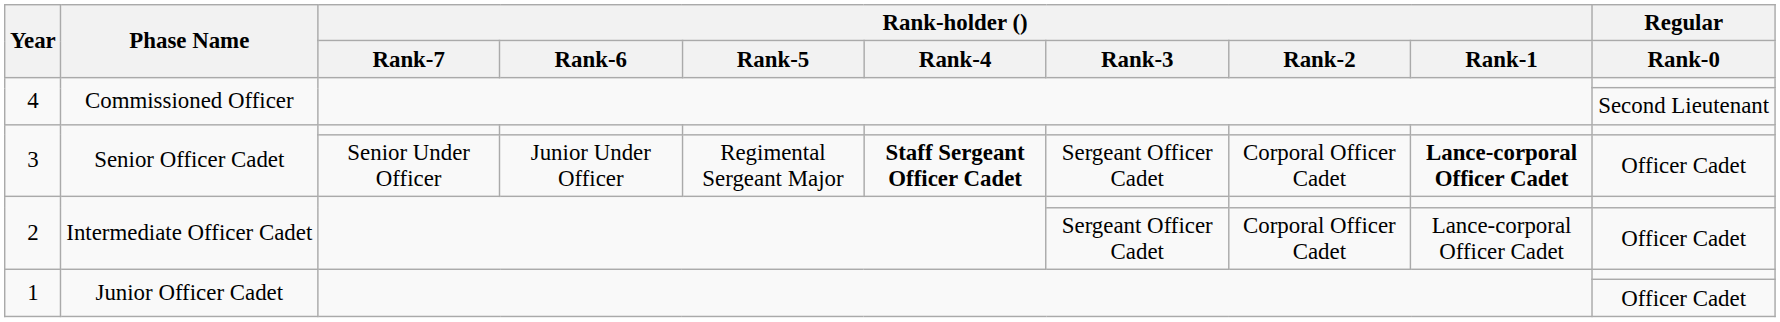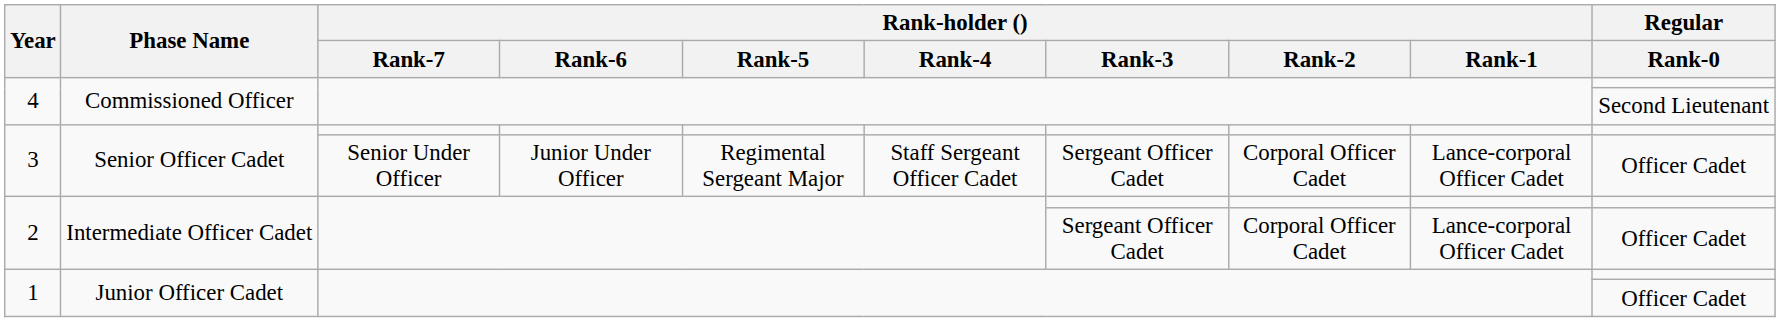 <table class="wikitable" style=text-align:center>
 <tr>
 <th rowspan="2">Year</th>
 <th rowspan="2">Phase Name</th>
 <th colspan="7">Rank-holder ()</th>
 <th>Regular</th>
 </tr>
 <tr>
 <th style="width: 120px;">Rank-7</th>
 <th style="width: 120px;">Rank-6</th>
 <th style="width: 120px;">Rank-5</th>
 <th style="width: 120px;">Rank-4</th>
 <th style="width: 120px;">Rank-3</th>
 <th style="width: 120px;">Rank-2</th>
 <th style="width: 120px;">Rank-1</th>
 <th style="width: 120px;">Rank-0</th>
 </tr>
 <tr>
 <td rowspan="2">4</td>
 <td rowspan="2">Commissioned Officer</td>
 <td colspan="7" rowspan="2"></td>
 <td></td>
 </tr>
 <tr>
 <td>Second Lieutenant<br></td>
 </tr>
 <tr>
 <td rowspan="2">3</td>
 <td rowspan="2">Senior Officer Cadet</td>
 <td></td>
 <td></td>
 <td></td>
 <td></td>
 <td></td>
 <td></td>
 <td></td>
 <td></td>
 </tr>
 <tr>
 <td>Senior Under Officer<br></td>
 <td>Junior Under Officer<br></td>
 <td>Regimental Sergeant Major<br></td>
-<td><strong>Staff Sergeant Officer Cadet<br></strong></td>
+<td>Staff Sergeant Officer Cadet<br></td>
 <td>Sergeant Officer Cadet<br></td>
 <td>Corporal Officer Cadet<br></td>
-<td><strong>Lance-corporal Officer Cadet<br></strong></td>
+<td>Lance-corporal Officer Cadet<br></td>
 <td>Officer Cadet<br></td>
 </tr>
 <tr>
 <td rowspan="2">2</td>
 <td rowspan="2">Intermediate Officer Cadet</td>
 <td colspan="4" rowspan="2"></td>
 <td></td>
 <td></td>
 <td></td>
 <td></td>
 </tr>
 <tr>
 <td>Sergeant Officer Cadet<br></td>
 <td>Corporal Officer Cadet<br></td>
 <td>Lance-corporal Officer Cadet<br></td>
 <td>Officer Cadet<br></td>
 </tr>
 <tr>
 <td rowspan="2">1</td>
 <td rowspan="2">Junior Officer Cadet</td>
 <td colspan="7" rowspan="2"></td>
 <td></td>
 </tr>
 <tr>
 <td>Officer Cadet<br></td>
 </tr>
 </table>
